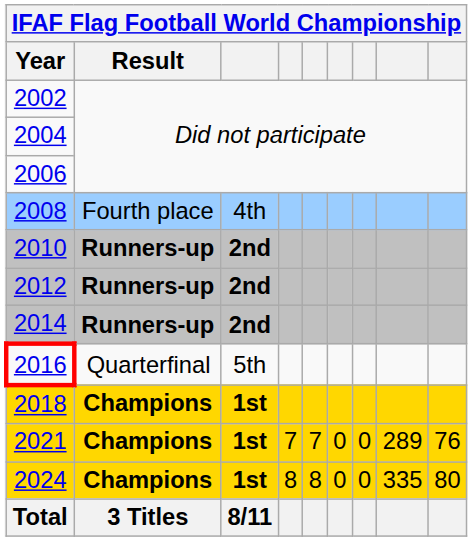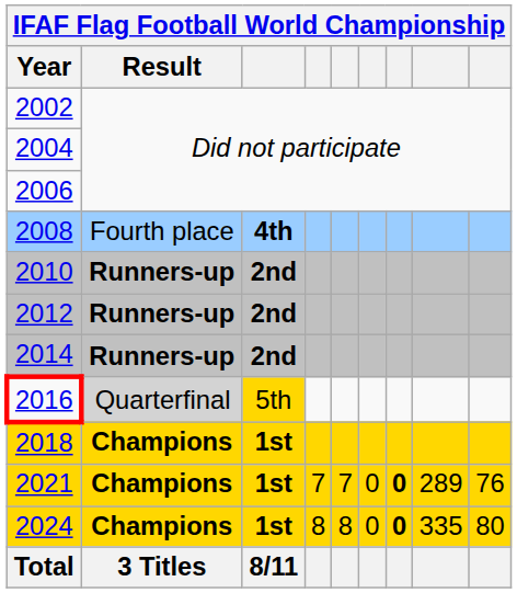 <table class="wikitable" style="text-align: center;font-size:100%;">
 <tr>
 <th colspan="9"><a href='#'>IFAF Flag Football World Championship</a></th>
 </tr>
 <tr>
 <th>Year</th>
 <th>Result</th>
 <th></th>
 <th></th>
 <th></th>
 <th></th>
 <th></th>
 <th></th>
 <th></th>
 </tr>
 <tr>
 <td> <a href='#'>2002</a></td>
 <td colspan=8 rowspan=3><em>Did not participate</em></td>
 </tr>
 <tr>
 <td> <a href='#'>2004</a></td>
 </tr>
 <tr>
 <td> <a href='#'>2006</a></td>
 </tr>
 <tr style="background:#9acdff;">
 <td> <a href='#'>2008</a></td>
 <td>Fourth place</td>
-<td>4th</td>
+<td><strong>4th</strong></td>
 <td></td>
 <td></td>
 <td></td>
 <td></td>
 <td></td>
 <td></td>
 </tr>
 <tr bgcolor=silver>
 <td> <a href='#'>2010</a></td>
 <td><strong>Runners-up</strong></td>
 <td><strong>2nd</strong></td>
 <td></td>
 <td></td>
 <td></td>
 <td></td>
 <td></td>
 <td></td>
 </tr>
 <tr bgcolor=silver>
 <td> <a href='#'>2012</a></td>
 <td><strong>Runners-up</strong></td>
 <td><strong>2nd</strong></td>
 <td></td>
 <td></td>
 <td></td>
 <td></td>
 <td></td>
 <td></td>
 </tr>
 <tr bgcolor=silver>
 <td> <a href='#'>2014</a></td>
 <td><strong>Runners-up</strong></td>
 <td><strong>2nd</strong></td>
 <td></td>
 <td></td>
 <td></td>
 <td></td>
 <td></td>
 <td></td>
 </tr>
 <tr>
 <td style="border: 3px solid red"> <a href='#'>2016</a></td>
-<td>Quarterfinal</td>
-<td>5th</td>
+<td style="background: lightgrey;">Quarterfinal</td>
+<td style="background: gold;">5th</td>
 <td></td>
 <td></td>
 <td></td>
 <td></td>
 <td></td>
 <td></td>
 </tr>
 <tr bgcolor=gold>
 <td> <a href='#'>2018</a></td>
 <td><strong>Champions</strong></td>
 <td><strong>1st</strong></td>
 <td></td>
 <td></td>
 <td></td>
 <td></td>
 <td></td>
 <td></td>
 </tr>
 <tr bgcolor=gold>
 <td> <a href='#'>2021</a></td>
 <td><strong>Champions</strong></td>
 <td><strong>1st</strong></td>
 <td>7</td>
 <td>7</td>
 <td>0</td>
-<td>0</td>
+<td><strong>0</strong></td>
 <td>289</td>
 <td>76</td>
 </tr>
 <tr bgcolor=gold>
 <td> <a href='#'>2024</a></td>
 <td><strong>Champions</strong></td>
 <td><strong>1st</strong></td>
 <td>8</td>
 <td>8</td>
 <td>0</td>
-<td>0</td>
+<td><strong>0</strong></td>
 <td>335</td>
 <td>80</td>
 </tr>
 <tr>
 <th>Total</th>
 <th>3 Titles</th>
 <th>8/11</th>
 <th></th>
 <th></th>
 <th></th>
 <th></th>
 <th></th>
 <th></th>
 </tr>
 </table>
